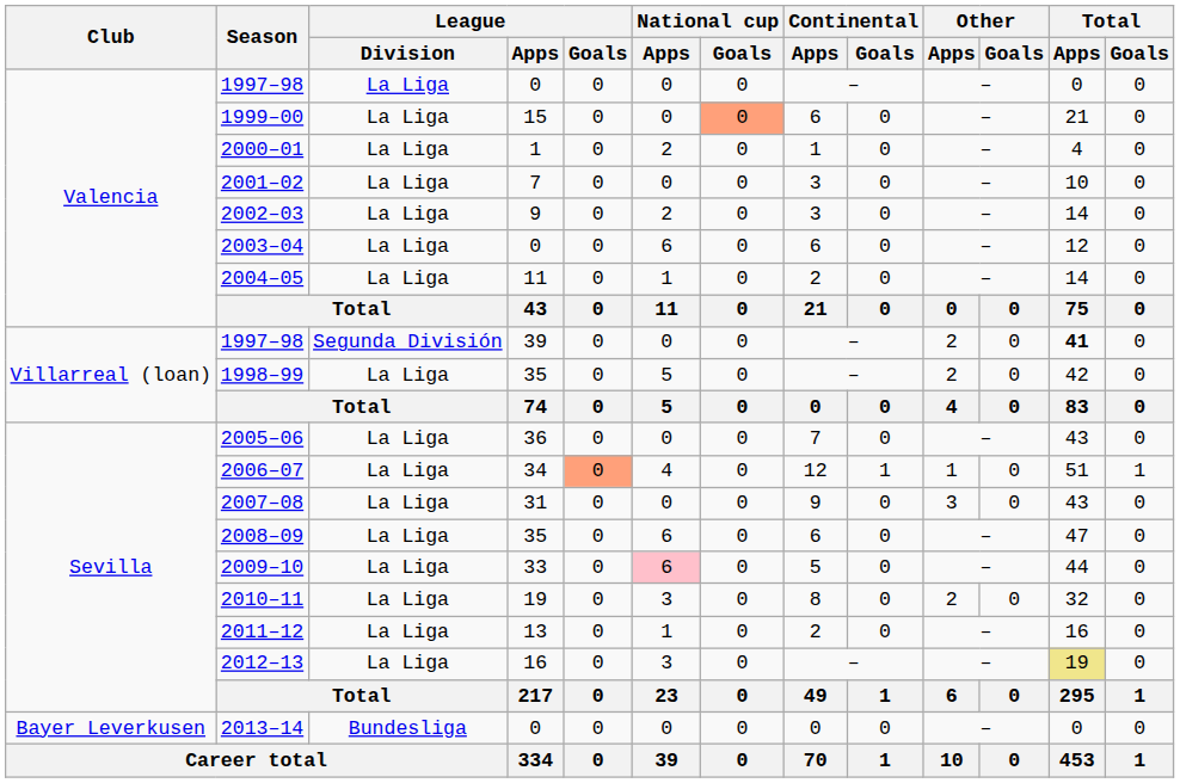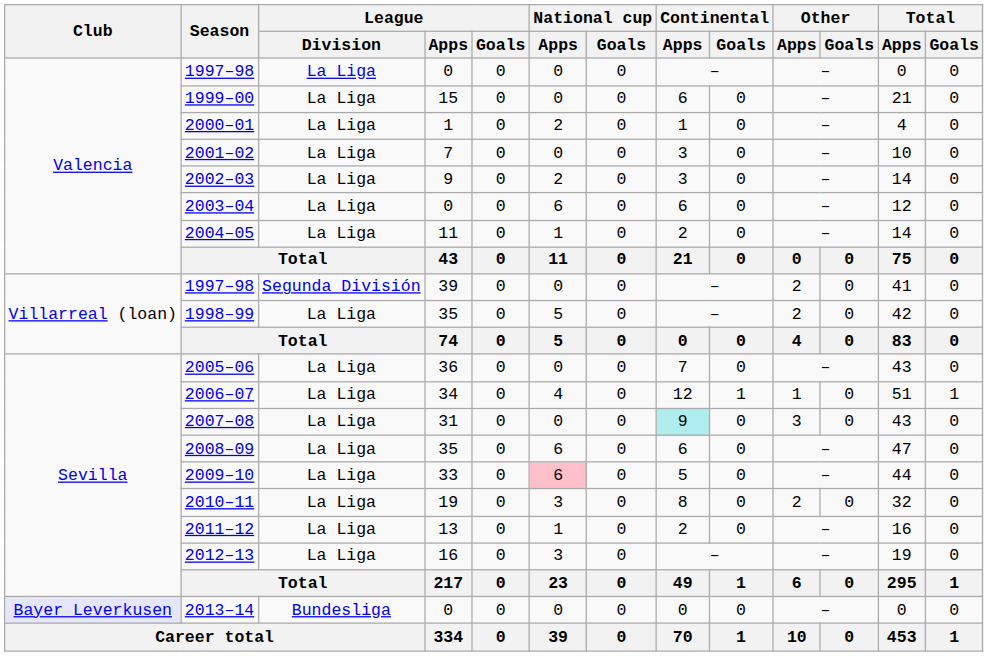 <table class="wikitable" style="text-align:center">
 <tr>
 <th rowspan="2">Club</th>
 <th rowspan="2">Season</th>
 <th colspan="3">League</th>
 <th colspan="2">National cup</th>
 <th colspan="2">Continental</th>
 <th colspan="2">Other</th>
 <th colspan="2">Total</th>
 </tr>
 <tr>
 <th>Division</th>
 <th>Apps</th>
 <th>Goals</th>
 <th>Apps</th>
 <th>Goals</th>
 <th>Apps</th>
 <th>Goals</th>
 <th>Apps</th>
 <th>Goals</th>
 <th>Apps</th>
 <th>Goals</th>
 </tr>
 <tr>
 <td rowspan="8"><a href='#'>Valencia</a></td>
 <td><a href='#'>1997–98</a></td>
 <td><a href='#'>La Liga</a></td>
 <td>0</td>
 <td>0</td>
 <td>0</td>
 <td>0</td>
 <td colspan="2">–</td>
 <td colspan="2">–</td>
 <td>0</td>
 <td>0</td>
 </tr>
 <tr>
 <td><a href='#'>1999–00</a></td>
 <td>La Liga</td>
 <td>15</td>
 <td>0</td>
 <td>0</td>
-<td style="background: lightsalmon;">0</td>
+<td>0</td>
 <td>6</td>
 <td>0</td>
 <td colspan="2">–</td>
 <td>21</td>
 <td>0</td>
 </tr>
 <tr>
 <td><a href='#'>2000–01</a></td>
 <td>La Liga</td>
 <td>1</td>
 <td>0</td>
 <td>2</td>
 <td>0</td>
 <td>1</td>
 <td>0</td>
 <td colspan="2">–</td>
 <td>4</td>
 <td>0</td>
 </tr>
 <tr>
 <td><a href='#'>2001–02</a></td>
 <td>La Liga</td>
 <td>7</td>
 <td>0</td>
 <td>0</td>
 <td>0</td>
 <td>3</td>
 <td>0</td>
 <td colspan="2">–</td>
 <td>10</td>
 <td>0</td>
 </tr>
 <tr>
 <td><a href='#'>2002–03</a></td>
 <td>La Liga</td>
 <td>9</td>
 <td>0</td>
 <td>2</td>
 <td>0</td>
 <td>3</td>
 <td>0</td>
 <td colspan="2">–</td>
 <td>14</td>
 <td>0</td>
 </tr>
 <tr>
 <td><a href='#'>2003–04</a></td>
 <td>La Liga</td>
 <td>0</td>
 <td>0</td>
 <td>6</td>
 <td>0</td>
 <td>6</td>
 <td>0</td>
 <td colspan="2">–</td>
 <td>12</td>
 <td>0</td>
 </tr>
 <tr>
 <td><a href='#'>2004–05</a></td>
 <td>La Liga</td>
 <td>11</td>
 <td>0</td>
 <td>1</td>
 <td>0</td>
 <td>2</td>
 <td>0</td>
 <td colspan="2">–</td>
 <td>14</td>
 <td>0</td>
 </tr>
 <tr>
 <th colspan="2">Total</th>
 <th>43</th>
 <th>0</th>
 <th>11</th>
 <th>0</th>
 <th>21</th>
 <th>0</th>
 <th>0</th>
 <th>0</th>
 <th>75</th>
 <th>0</th>
 </tr>
 <tr>
 <td rowspan="3"><a href='#'>Villarreal</a> (loan)</td>
 <td><a href='#'>1997–98</a></td>
 <td><a href='#'>Segunda División</a></td>
 <td>39</td>
 <td>0</td>
 <td>0</td>
 <td>0</td>
 <td colspan="2">–</td>
 <td>2</td>
 <td>0</td>
-<td><strong>41</strong></td>
+<td>41</td>
 <td>0</td>
 </tr>
 <tr>
 <td><a href='#'>1998–99</a></td>
 <td>La Liga</td>
 <td>35</td>
 <td>0</td>
 <td>5</td>
 <td>0</td>
 <td colspan="2">–</td>
 <td>2</td>
 <td>0</td>
 <td>42</td>
 <td>0</td>
 </tr>
 <tr>
 <th colspan="2">Total</th>
 <th>74</th>
 <th>0</th>
 <th>5</th>
 <th>0</th>
 <th>0</th>
 <th>0</th>
 <th>4</th>
 <th>0</th>
 <th>83</th>
 <th>0</th>
 </tr>
 <tr>
 <td rowspan="9"><a href='#'>Sevilla</a></td>
 <td><a href='#'>2005–06</a></td>
 <td>La Liga</td>
 <td>36</td>
 <td>0</td>
 <td>0</td>
 <td>0</td>
 <td>7</td>
 <td>0</td>
 <td colspan="2">–</td>
 <td>43</td>
 <td>0</td>
 </tr>
 <tr>
 <td><a href='#'>2006–07</a></td>
 <td>La Liga</td>
 <td>34</td>
-<td style="background: lightsalmon;">0</td>
+<td>0</td>
 <td>4</td>
 <td>0</td>
 <td>12</td>
 <td>1</td>
 <td>1</td>
 <td>0</td>
 <td>51</td>
 <td>1</td>
 </tr>
 <tr>
 <td><a href='#'>2007–08</a></td>
 <td>La Liga</td>
 <td>31</td>
 <td>0</td>
 <td>0</td>
 <td>0</td>
-<td>9</td>
+<td style="background: paleturquoise;">9</td>
 <td>0</td>
 <td>3</td>
 <td>0</td>
 <td>43</td>
 <td>0</td>
 </tr>
 <tr>
 <td><a href='#'>2008–09</a></td>
 <td>La Liga</td>
 <td>35</td>
 <td>0</td>
 <td>6</td>
 <td>0</td>
 <td>6</td>
 <td>0</td>
 <td colspan="2">–</td>
 <td>47</td>
 <td>0</td>
 </tr>
 <tr>
 <td><a href='#'>2009–10</a></td>
 <td>La Liga</td>
 <td>33</td>
 <td>0</td>
 <td style="background: pink;">6</td>
 <td>0</td>
 <td>5</td>
 <td>0</td>
 <td colspan="2">–</td>
 <td>44</td>
 <td>0</td>
 </tr>
 <tr>
 <td><a href='#'>2010–11</a></td>
 <td>La Liga</td>
 <td>19</td>
 <td>0</td>
 <td>3</td>
 <td>0</td>
 <td>8</td>
 <td>0</td>
 <td>2</td>
 <td>0</td>
 <td>32</td>
 <td>0</td>
 </tr>
 <tr>
 <td><a href='#'>2011–12</a></td>
 <td>La Liga</td>
 <td>13</td>
 <td>0</td>
 <td>1</td>
 <td>0</td>
 <td>2</td>
 <td>0</td>
 <td colspan="2">–</td>
 <td>16</td>
 <td>0</td>
 </tr>
 <tr>
 <td><a href='#'>2012–13</a></td>
 <td>La Liga</td>
 <td>16</td>
 <td>0</td>
 <td>3</td>
 <td>0</td>
 <td colspan="2">–</td>
 <td colspan="2">–</td>
-<td style="background: khaki;">19</td>
+<td>19</td>
 <td>0</td>
 </tr>
 <tr>
 <th colspan="2">Total</th>
 <th>217</th>
 <th>0</th>
 <th>23</th>
 <th>0</th>
 <th>49</th>
 <th>1</th>
 <th>6</th>
 <th>0</th>
 <th>295</th>
 <th>1</th>
 </tr>
 <tr>
-<td><a href='#'>Bayer Leverkusen</a></td>
+<td style="background: lavender;"><a href='#'>Bayer Leverkusen</a></td>
 <td><a href='#'>2013–14</a></td>
 <td><a href='#'>Bundesliga</a></td>
 <td>0</td>
 <td>0</td>
 <td>0</td>
 <td>0</td>
 <td>0</td>
 <td>0</td>
 <td colspan="2">–</td>
 <td>0</td>
 <td>0</td>
 </tr>
 <tr>
 <th colspan="3">Career total</th>
 <th>334</th>
 <th>0</th>
 <th>39</th>
 <th>0</th>
 <th>70</th>
 <th>1</th>
 <th>10</th>
 <th>0</th>
 <th>453</th>
 <th>1</th>
 </tr>
 </table>
